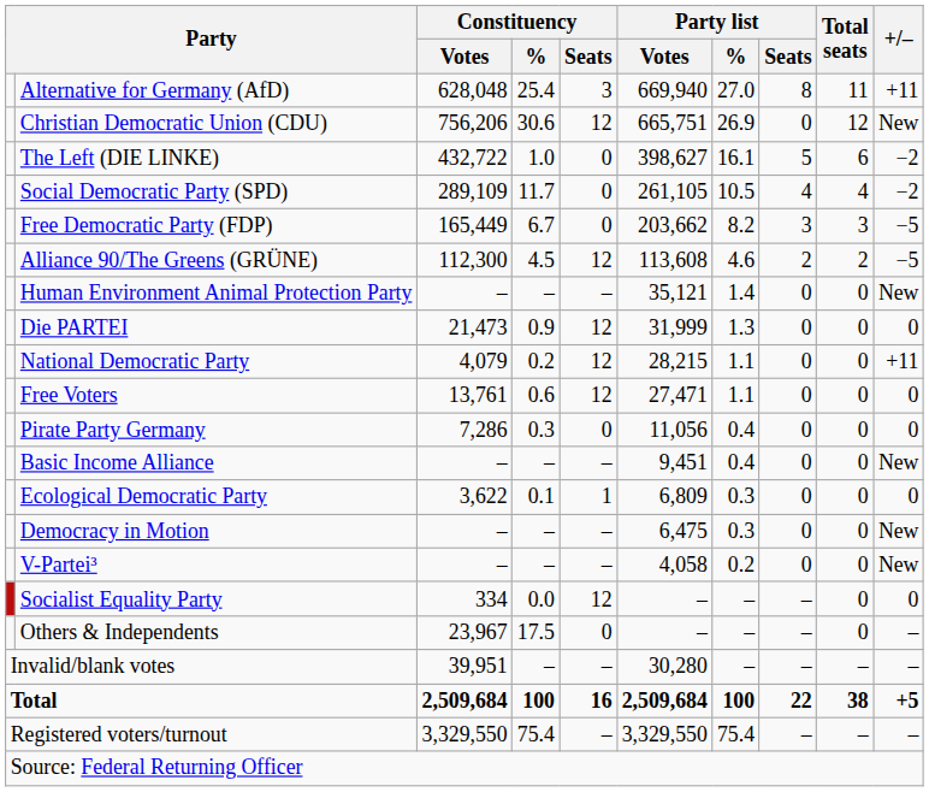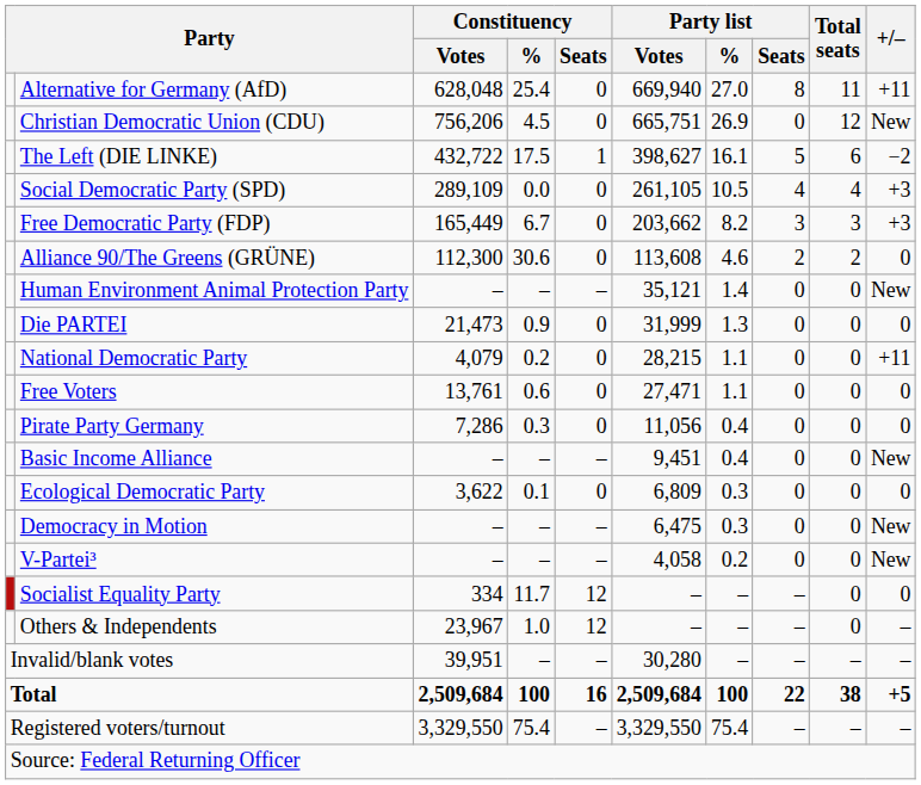 <table class="wikitable" style="text-align:right">
 <tr>
 <th colspan="2" rowspan="2">Party</th>
 <th colspan="3">Constituency</th>
 <th colspan="3">Party list</th>
 <th rowspan="2">Total<br>seats</th>
 <th rowspan="2">+/–</th>
 </tr>
 <tr>
 <th>Votes</th>
 <th>%</th>
 <th>Seats</th>
 <th>Votes</th>
 <th>%</th>
 <th>Seats</th>
 </tr>
 <tr>
 <td></td>
 <td align="left"><a href='#'>Alternative for Germany</a> (AfD)</td>
 <td>628,048</td>
 <td>25.4</td>
-<td>3</td>
+<td>0</td>
 <td>669,940</td>
 <td>27.0</td>
 <td>8</td>
 <td>11</td>
 <td>+11</td>
 </tr>
 <tr>
 <td></td>
 <td align="left"><a href='#'>Christian Democratic Union</a> (CDU)</td>
 <td>756,206</td>
-<td>30.6</td>
-<td>12</td>
+<td>4.5</td>
+<td>0</td>
 <td>665,751</td>
 <td>26.9</td>
 <td>0</td>
 <td>12</td>
 <td>New</td>
 </tr>
 <tr>
 <td></td>
 <td align="left"><a href='#'>The Left</a> (DIE LINKE)</td>
 <td>432,722</td>
-<td>1.0</td>
-<td>0</td>
+<td>17.5</td>
+<td>1</td>
 <td>398,627</td>
 <td>16.1</td>
 <td>5</td>
 <td>6</td>
 <td>−2</td>
 </tr>
 <tr>
 <td></td>
 <td align="left"><a href='#'>Social Democratic Party</a> (SPD)</td>
 <td>289,109</td>
-<td>11.7</td>
+<td>0.0</td>
 <td>0</td>
 <td>261,105</td>
 <td>10.5</td>
 <td>4</td>
 <td>4</td>
-<td>−2</td>
+<td>+3</td>
 </tr>
 <tr>
 <td></td>
 <td align="left"><a href='#'>Free Democratic Party</a> (FDP)</td>
 <td>165,449</td>
 <td>6.7</td>
 <td>0</td>
 <td>203,662</td>
 <td>8.2</td>
 <td>3</td>
 <td>3</td>
-<td>−5</td>
+<td>+3</td>
 </tr>
 <tr>
 <td></td>
 <td align="left"><a href='#'>Alliance 90/The Greens</a> (GRÜNE)</td>
 <td>112,300</td>
-<td>4.5</td>
-<td>12</td>
+<td>30.6</td>
+<td>0</td>
 <td>113,608</td>
 <td>4.6</td>
 <td>2</td>
 <td>2</td>
-<td>−5</td>
+<td>0</td>
 </tr>
 <tr>
 <td style="background-color:"></td>
 <td align="left"><a href='#'>Human Environment Animal Protection Party</a></td>
 <td>–</td>
 <td>–</td>
 <td>–</td>
 <td>35,121</td>
 <td>1.4</td>
 <td>0</td>
 <td>0</td>
 <td>New</td>
 </tr>
 <tr>
 <td style="background-color:"></td>
 <td align="left"><a href='#'>Die PARTEI</a></td>
 <td>21,473</td>
 <td>0.9</td>
-<td>12</td>
+<td>0</td>
 <td>31,999</td>
 <td>1.3</td>
 <td>0</td>
 <td>0</td>
 <td>0</td>
 </tr>
 <tr>
 <td style="background-color:"></td>
 <td align="left"><a href='#'>National Democratic Party</a></td>
 <td>4,079</td>
 <td>0.2</td>
-<td>12</td>
+<td>0</td>
 <td>28,215</td>
 <td>1.1</td>
 <td>0</td>
 <td>0</td>
 <td>+11</td>
 </tr>
 <tr>
 <td style="background-color:"></td>
 <td align="left"><a href='#'>Free Voters</a></td>
 <td>13,761</td>
 <td>0.6</td>
-<td>12</td>
+<td>0</td>
 <td>27,471</td>
 <td>1.1</td>
 <td>0</td>
 <td>0</td>
 <td>0</td>
 </tr>
 <tr>
 <td style="background-color:"></td>
 <td align="left"><a href='#'>Pirate Party Germany</a></td>
 <td>7,286</td>
 <td>0.3</td>
 <td>0</td>
 <td>11,056</td>
 <td>0.4</td>
 <td>0</td>
 <td>0</td>
 <td>0</td>
 </tr>
 <tr>
 <td style="background-color:"></td>
 <td align="left"><a href='#'>Basic Income Alliance</a></td>
 <td>–</td>
 <td>–</td>
 <td>–</td>
 <td>9,451</td>
 <td>0.4</td>
 <td>0</td>
 <td>0</td>
 <td>New</td>
 </tr>
 <tr>
 <td style="background-color:"></td>
 <td align="left"><a href='#'>Ecological Democratic Party</a></td>
 <td>3,622</td>
 <td>0.1</td>
-<td>1</td>
+<td>0</td>
 <td>6,809</td>
 <td>0.3</td>
 <td>0</td>
 <td>0</td>
 <td>0</td>
 </tr>
 <tr>
 <td></td>
 <td align="left"><a href='#'>Democracy in Motion</a></td>
 <td>–</td>
 <td>–</td>
 <td>–</td>
 <td>6,475</td>
 <td>0.3</td>
 <td>0</td>
 <td>0</td>
 <td>New</td>
 </tr>
 <tr>
 <td style="background-color:"></td>
 <td align="left"><a href='#'>V-Partei³</a></td>
 <td>–</td>
 <td>–</td>
 <td>–</td>
 <td>4,058</td>
 <td>0.2</td>
 <td>0</td>
 <td>0</td>
 <td>New</td>
 </tr>
 <tr>
 <td style="background-color:#B80D0C"></td>
 <td align="left"><a href='#'>Socialist Equality Party</a></td>
 <td>334</td>
-<td>0.0</td>
+<td>11.7</td>
 <td>12</td>
 <td>–</td>
 <td>–</td>
 <td>–</td>
 <td>0</td>
 <td>0</td>
 </tr>
 <tr>
 <td></td>
 <td align="left">Others & Independents</td>
 <td>23,967</td>
-<td>17.5</td>
-<td>0</td>
+<td>1.0</td>
+<td>12</td>
 <td>–</td>
 <td>–</td>
 <td>–</td>
 <td>0</td>
 <td>–</td>
 </tr>
 <tr>
 <td colspan="2" align="left">Invalid/blank votes</td>
 <td>39,951</td>
 <td>–</td>
 <td>–</td>
 <td>30,280</td>
 <td>–</td>
 <td>–</td>
 <td>–</td>
 <td>–</td>
 </tr>
 <tr>
 <td colspan="2" align="left"><strong>Total</strong></td>
 <td><strong>2,509,684</strong></td>
 <td><strong>100</strong></td>
 <td><strong>16</strong></td>
 <td><strong>2,509,684</strong></td>
 <td><strong>100</strong></td>
 <td><strong>22</strong></td>
 <td><strong>38</strong></td>
 <td><strong>+5</strong></td>
 </tr>
 <tr>
 <td colspan="2" align="left">Registered voters/turnout</td>
 <td>3,329,550</td>
 <td>75.4</td>
 <td>–</td>
 <td>3,329,550</td>
 <td>75.4</td>
 <td>–</td>
 <td>–</td>
 <td>–</td>
 </tr>
 <tr>
 <td colspan="10" align="left">Source: <a href='#'>Federal Returning Officer</a></td>
 </tr>
 </table>
